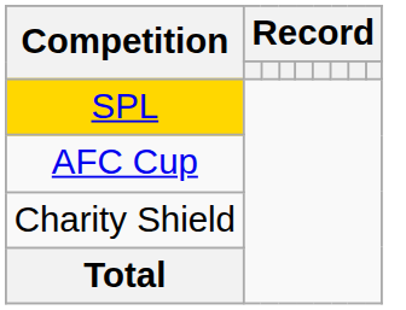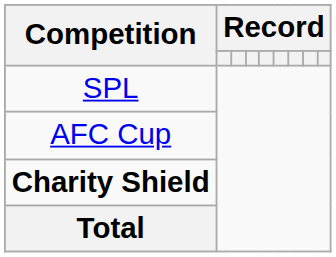 <table class="wikitable" style="text-align: center">
 <tr>
 <th rowspan=2>Competition</th>
 <th colspan=8>Record</th>
 </tr>
 <tr>
 <th></th>
 <th></th>
 <th></th>
 <th></th>
 <th></th>
 <th></th>
 <th></th>
 <th></th>
 </tr>
 <tr>
-<td style="background: gold;"><a href='#'>SPL</a><br></td>
+<td><a href='#'>SPL</a><br></td>
 </tr>
 <tr>
 <td><a href='#'>AFC Cup</a><br></td>
 </tr>
 <tr>
-<td>Charity Shield<br></td>
+<td><strong>Charity Shield<br></strong></td>
 </tr>
 <tr>
 <th>Total<br></th>
 </tr>
 </table>
